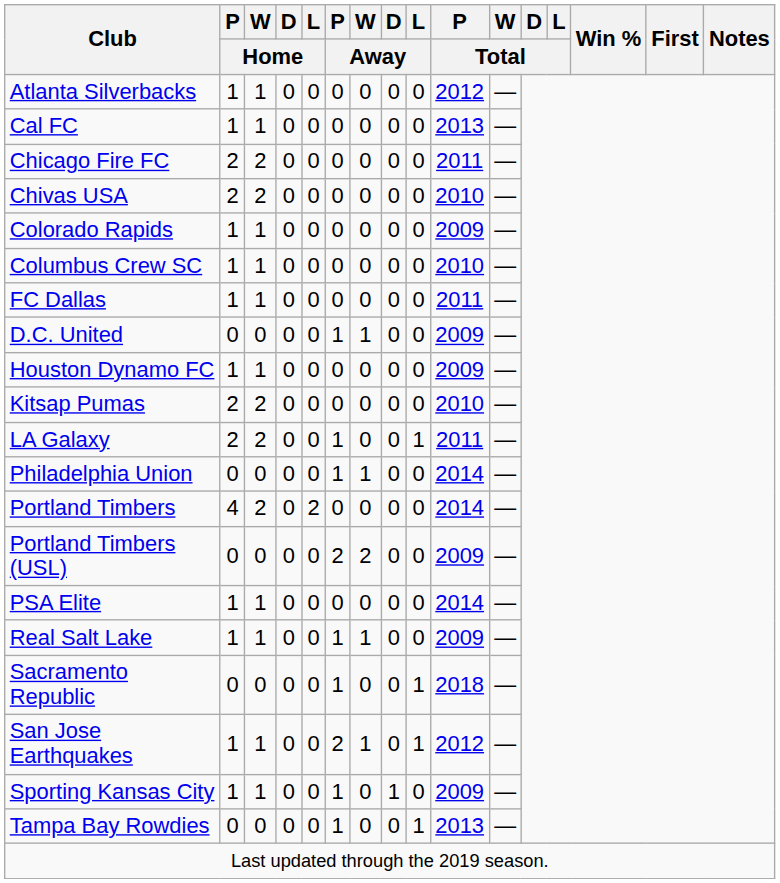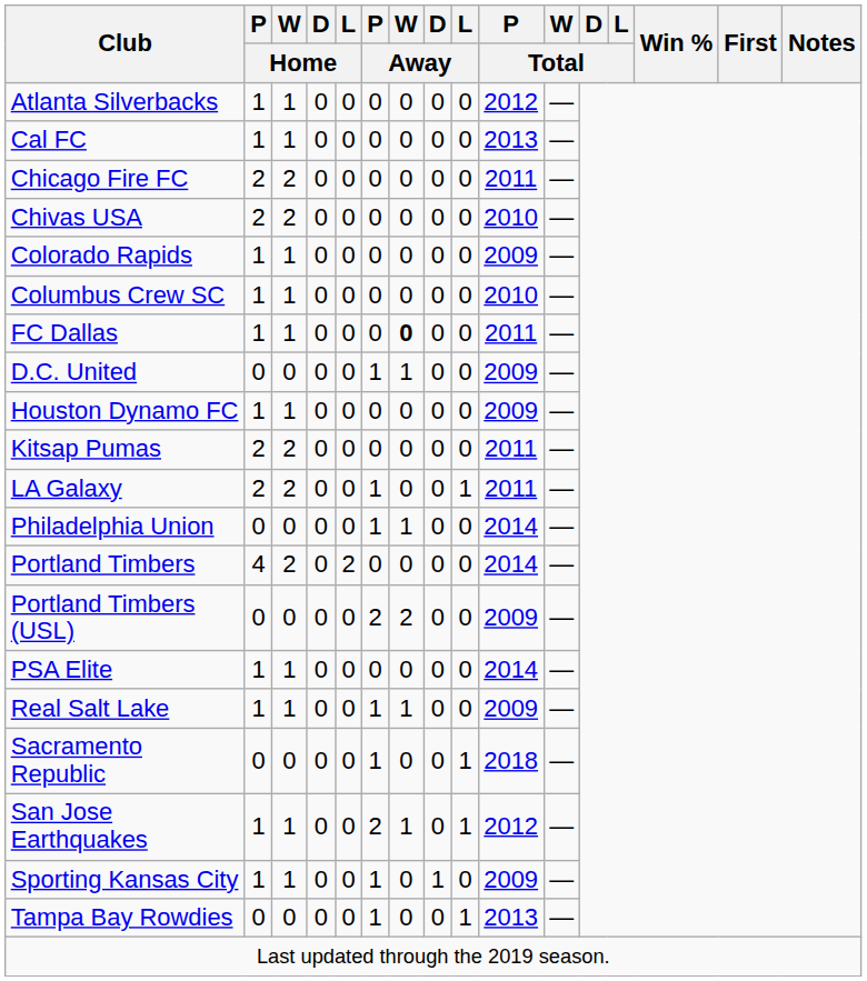 <table class="wikitable sortable" style="text-align:center;">
 <tr>
 <th width="150" rowspan="2">Club</th>
 <th>P</th>
 <th>W</th>
 <th>D</th>
 <th>L</th>
 <th>P</th>
 <th>W</th>
 <th>D</th>
 <th>L</th>
 <th>P</th>
 <th>W</th>
 <th>D</th>
 <th>L</th>
 <th rowspan="2">Win %</th>
 <th rowspan="2">First</th>
 <th class="unsortable" rowspan="2">Notes</th>
 </tr>
 <tr class="unsortable">
 <th colspan="4">Home</th>
 <th colspan="4">Away</th>
 <th colspan="4">Total</th>
 </tr>
 <tr>
 <td align="left"><a href='#'>Atlanta Silverbacks</a></td>
 <td>1</td>
 <td>1</td>
 <td>0</td>
 <td>0<br></td>
 <td>0</td>
 <td>0</td>
 <td>0</td>
 <td>0<br> </td>
 <td><a href='#'>2012</a></td>
 <td>—</td>
 </tr>
 <tr>
 <td align="left"><a href='#'>Cal FC</a></td>
 <td>1</td>
 <td>1</td>
 <td>0</td>
 <td>0<br></td>
 <td>0</td>
 <td>0</td>
 <td>0</td>
 <td>0<br> </td>
 <td><a href='#'>2013</a></td>
 <td>—</td>
 </tr>
 <tr>
 <td align="left"><a href='#'>Chicago Fire FC</a></td>
 <td>2</td>
 <td>2</td>
 <td>0</td>
 <td>0<br></td>
 <td>0</td>
 <td>0</td>
 <td>0</td>
 <td>0<br> </td>
 <td><a href='#'>2011</a></td>
 <td>—</td>
 </tr>
 <tr>
 <td align="left"><a href='#'>Chivas USA</a></td>
 <td>2</td>
 <td>2</td>
 <td>0</td>
 <td>0<br></td>
 <td>0</td>
 <td>0</td>
 <td>0</td>
 <td>0<br> </td>
 <td><a href='#'>2010</a></td>
 <td>—</td>
 </tr>
 <tr>
 <td align="left"><a href='#'>Colorado Rapids</a></td>
 <td>1</td>
 <td>1</td>
 <td>0</td>
 <td>0<br></td>
 <td>0</td>
 <td>0</td>
 <td>0</td>
 <td>0<br> </td>
 <td><a href='#'>2009</a></td>
 <td>—</td>
 </tr>
 <tr>
 <td align="left"><a href='#'>Columbus Crew SC</a></td>
 <td>1</td>
 <td>1</td>
 <td>0</td>
 <td>0<br></td>
 <td>0</td>
 <td>0</td>
 <td>0</td>
 <td>0<br> </td>
 <td><a href='#'>2010</a></td>
 <td>—</td>
 </tr>
 <tr>
 <td align="left"><a href='#'>FC Dallas</a></td>
 <td>1</td>
 <td>1</td>
 <td>0</td>
 <td>0<br></td>
 <td>0</td>
-<td>0</td>
+<td><strong>0</strong></td>
 <td>0</td>
 <td>0<br> </td>
 <td><a href='#'>2011</a></td>
 <td>—</td>
 </tr>
 <tr>
 <td align="left"><a href='#'>D.C. United</a></td>
 <td>0</td>
 <td>0</td>
 <td>0</td>
 <td>0<br></td>
 <td>1</td>
 <td>1</td>
 <td>0</td>
 <td>0<br> </td>
 <td><a href='#'>2009</a></td>
 <td>—</td>
 </tr>
 <tr>
 <td align="left"><a href='#'>Houston Dynamo FC</a></td>
 <td>1</td>
 <td>1</td>
 <td>0</td>
 <td>0<br></td>
 <td>0</td>
 <td>0</td>
 <td>0</td>
 <td>0<br> </td>
 <td><a href='#'>2009</a></td>
 <td>—</td>
 </tr>
 <tr>
 <td align="left"><a href='#'>Kitsap Pumas</a></td>
 <td>2</td>
 <td>2</td>
 <td>0</td>
 <td>0<br></td>
 <td>0</td>
 <td>0</td>
 <td>0</td>
 <td>0<br> </td>
-<td><a href='#'>2010</a></td>
+<td><a href='#'>2011</a></td>
 <td>—</td>
 </tr>
 <tr>
 <td align="left"><a href='#'>LA Galaxy</a></td>
 <td>2</td>
 <td>2</td>
 <td>0</td>
 <td>0<br></td>
 <td>1</td>
 <td>0</td>
 <td>0</td>
 <td>1<br> </td>
 <td><a href='#'>2011</a></td>
 <td>—</td>
 </tr>
 <tr>
 <td align="left"><a href='#'>Philadelphia Union</a></td>
 <td>0</td>
 <td>0</td>
 <td>0</td>
 <td>0<br></td>
 <td>1</td>
 <td>1</td>
 <td>0</td>
 <td>0<br> </td>
 <td><a href='#'>2014</a></td>
 <td>—</td>
 </tr>
 <tr>
 <td align="left"><a href='#'>Portland Timbers</a></td>
 <td>4</td>
 <td>2</td>
 <td>0</td>
 <td>2<br></td>
 <td>0</td>
 <td>0</td>
 <td>0</td>
 <td>0<br> </td>
 <td><a href='#'>2014</a></td>
 <td>—</td>
 </tr>
 <tr>
 <td align="left"><a href='#'>Portland Timbers (USL)</a></td>
 <td>0</td>
 <td>0</td>
 <td>0</td>
 <td>0<br></td>
 <td>2</td>
 <td>2</td>
 <td>0</td>
 <td>0<br> </td>
 <td><a href='#'>2009</a></td>
 <td>—</td>
 </tr>
 <tr>
 <td align="left"><a href='#'>PSA Elite</a></td>
 <td>1</td>
 <td>1</td>
 <td>0</td>
 <td>0<br></td>
 <td>0</td>
 <td>0</td>
 <td>0</td>
 <td>0<br> </td>
 <td><a href='#'>2014</a></td>
 <td>—</td>
 </tr>
 <tr>
 <td align="left"><a href='#'>Real Salt Lake</a></td>
 <td>1</td>
 <td>1</td>
 <td>0</td>
 <td>0<br></td>
 <td>1</td>
 <td>1</td>
 <td>0</td>
 <td>0<br> </td>
 <td><a href='#'>2009</a></td>
 <td>—</td>
 </tr>
 <tr>
 <td align="left"><a href='#'>Sacramento Republic</a></td>
 <td>0</td>
 <td>0</td>
 <td>0</td>
 <td>0<br></td>
 <td>1</td>
 <td>0</td>
 <td>0</td>
 <td>1<br> </td>
 <td><a href='#'>2018</a></td>
 <td>—</td>
 </tr>
 <tr>
 <td align="left"><a href='#'>San Jose Earthquakes</a></td>
 <td>1</td>
 <td>1</td>
 <td>0</td>
 <td>0<br></td>
 <td>2</td>
 <td>1</td>
 <td>0</td>
 <td>1<br> </td>
 <td><a href='#'>2012</a></td>
 <td>—</td>
 </tr>
 <tr>
 <td align="left"><a href='#'>Sporting Kansas City</a></td>
 <td>1</td>
 <td>1</td>
 <td>0</td>
 <td>0<br></td>
 <td>1</td>
 <td>0</td>
 <td>1</td>
 <td>0<br> </td>
 <td><a href='#'>2009</a></td>
 <td>—</td>
 </tr>
 <tr>
 <td align="left"><a href='#'>Tampa Bay Rowdies</a></td>
 <td>0</td>
 <td>0</td>
 <td>0</td>
 <td>0<br></td>
 <td>1</td>
 <td>0</td>
 <td>0</td>
 <td>1<br> </td>
 <td><a href='#'>2013</a></td>
 <td>—</td>
 </tr>
 <tr class="sortbottom">
 <td class="unsortable" colspan="18"><small>Last updated through the 2019 season.</small></td>
 </tr>
 </table>
